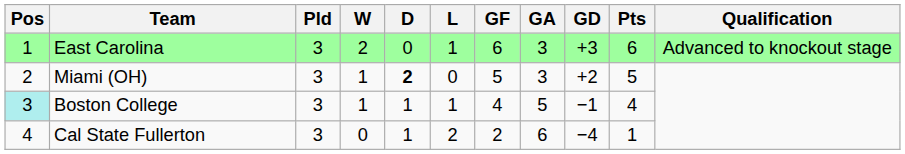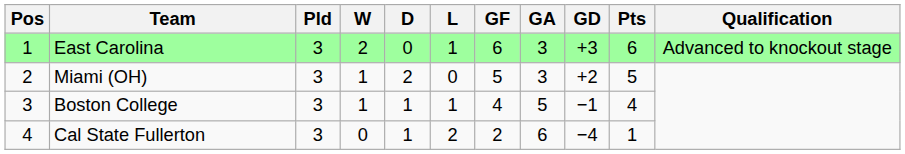 <table class="wikitable" style="text-align:center; margin: 1em auto">
 <tr>
 <th style="width:2em">Pos</th>
 <th style="width:13em">Team</th>
 <th style="width:2em">Pld</th>
 <th style="width:2em">W</th>
 <th style="width:2em">D</th>
 <th style="width:2em">L</th>
 <th style="width:2em">GF</th>
 <th style="width:2em">GA</th>
 <th style="width:2em">GD</th>
 <th style="width:2em">Pts</th>
 <th style="width:13em">Qualification</th>
 </tr>
 <tr bgcolor="#9eff9e">
 <td>1</td>
 <td style="text-align:left">East Carolina</td>
 <td>3</td>
 <td>2</td>
 <td>0</td>
 <td>1</td>
 <td>6</td>
 <td>3</td>
 <td>+3</td>
 <td>6</td>
 <td>Advanced to knockout stage</td>
 </tr>
 <tr>
 <td>2</td>
 <td style="text-align:left">Miami (OH)</td>
 <td>3</td>
 <td>1</td>
-<td><strong>2</strong></td>
+<td>2</td>
 <td>0</td>
 <td>5</td>
 <td>3</td>
 <td>+2</td>
 <td>5</td>
 </tr>
 <tr>
-<td style="background: paleturquoise;">3</td>
+<td>3</td>
 <td style="text-align:left">Boston College</td>
 <td>3</td>
 <td>1</td>
 <td>1</td>
 <td>1</td>
 <td>4</td>
 <td>5</td>
 <td>−1</td>
 <td>4</td>
 </tr>
 <tr>
 <td>4</td>
 <td style="text-align:left">Cal State Fullerton</td>
 <td>3</td>
 <td>0</td>
 <td>1</td>
 <td>2</td>
 <td>2</td>
 <td>6</td>
 <td>−4</td>
 <td>1</td>
 </tr>
 </table>
